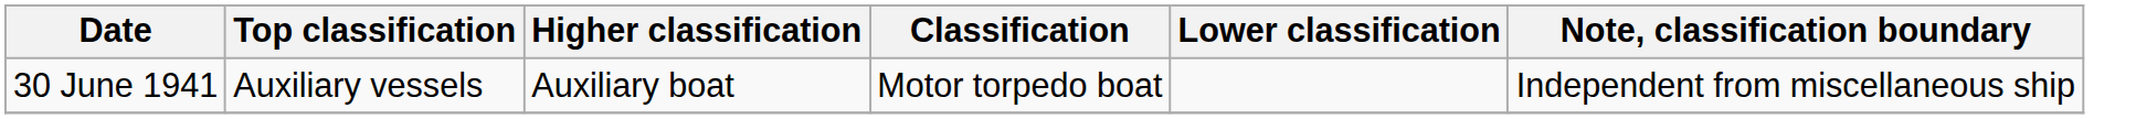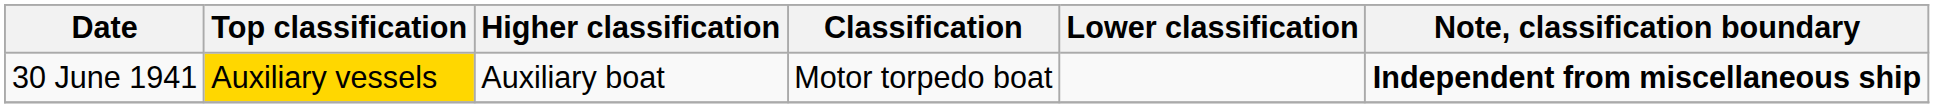 <table class="wikitable">
 <tr>
 <th>Date</th>
 <th>Top classification</th>
 <th>Higher classification</th>
 <th>Classification</th>
 <th>Lower classification</th>
 <th>Note, classification boundary</th>
 </tr>
 <tr>
 <td>30 June 1941</td>
-<td>Auxiliary vessels</td>
+<td style="background: gold;">Auxiliary vessels</td>
 <td>Auxiliary boat</td>
 <td>Motor torpedo boat</td>
 <td></td>
-<td>Independent from miscellaneous ship</td>
+<td><strong>Independent from miscellaneous ship</strong></td>
 </tr>
 <tr>
 </tr>
 </table>
